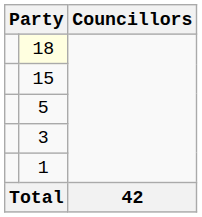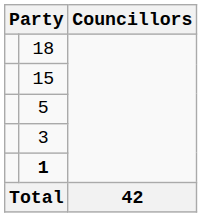 <table class="wikitable">
 <tr>
 <th colspan=2>Party</th>
 <th>Councillors</th>
 </tr>
 <tr>
 <td></td>
-<td align=center style="background: lightyellow;">18</td>
+<td align=center>18</td>
 </tr>
 <tr>
 <td></td>
 <td align=center>15</td>
 </tr>
 <tr>
 <td></td>
 <td align=center>5</td>
 </tr>
 <tr>
 <td></td>
 <td align=center>3</td>
 </tr>
 <tr>
 <td></td>
-<td align=center>1</td>
+<td align=center><strong>1</strong></td>
 </tr>
 <tr>
 <th colspan=2>Total</th>
 <th align=center>42</th>
 </tr>
 </table>
